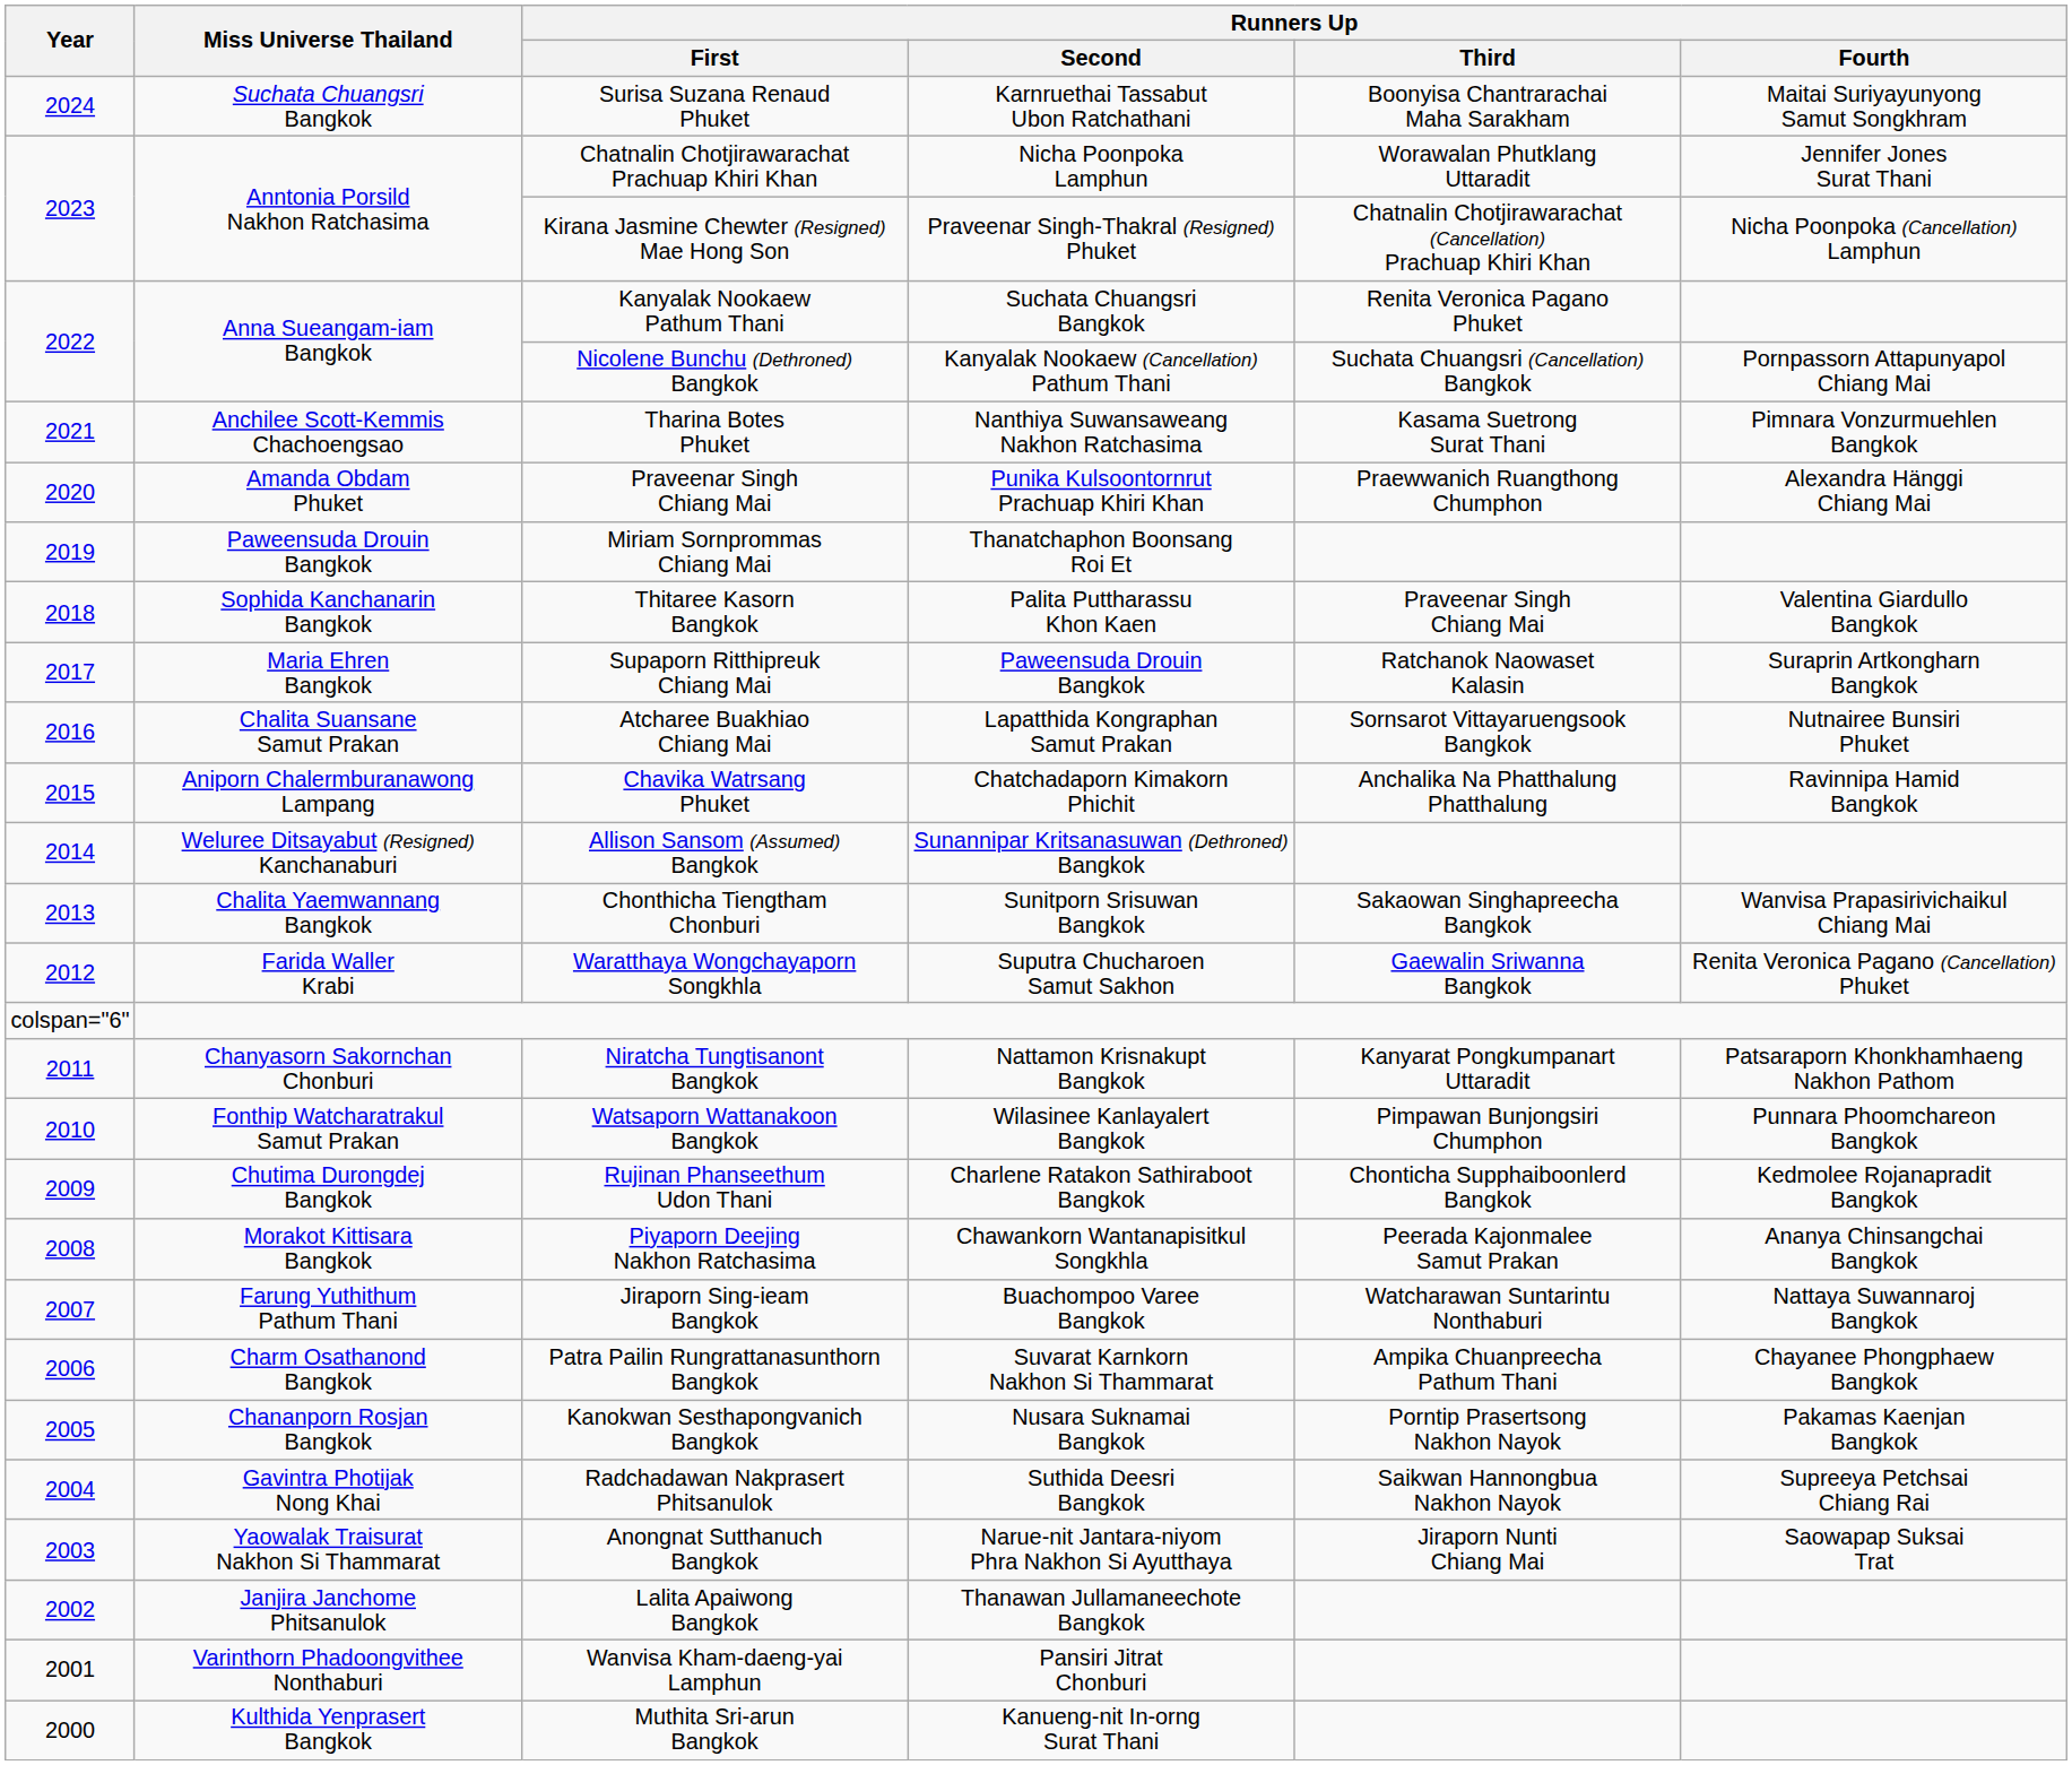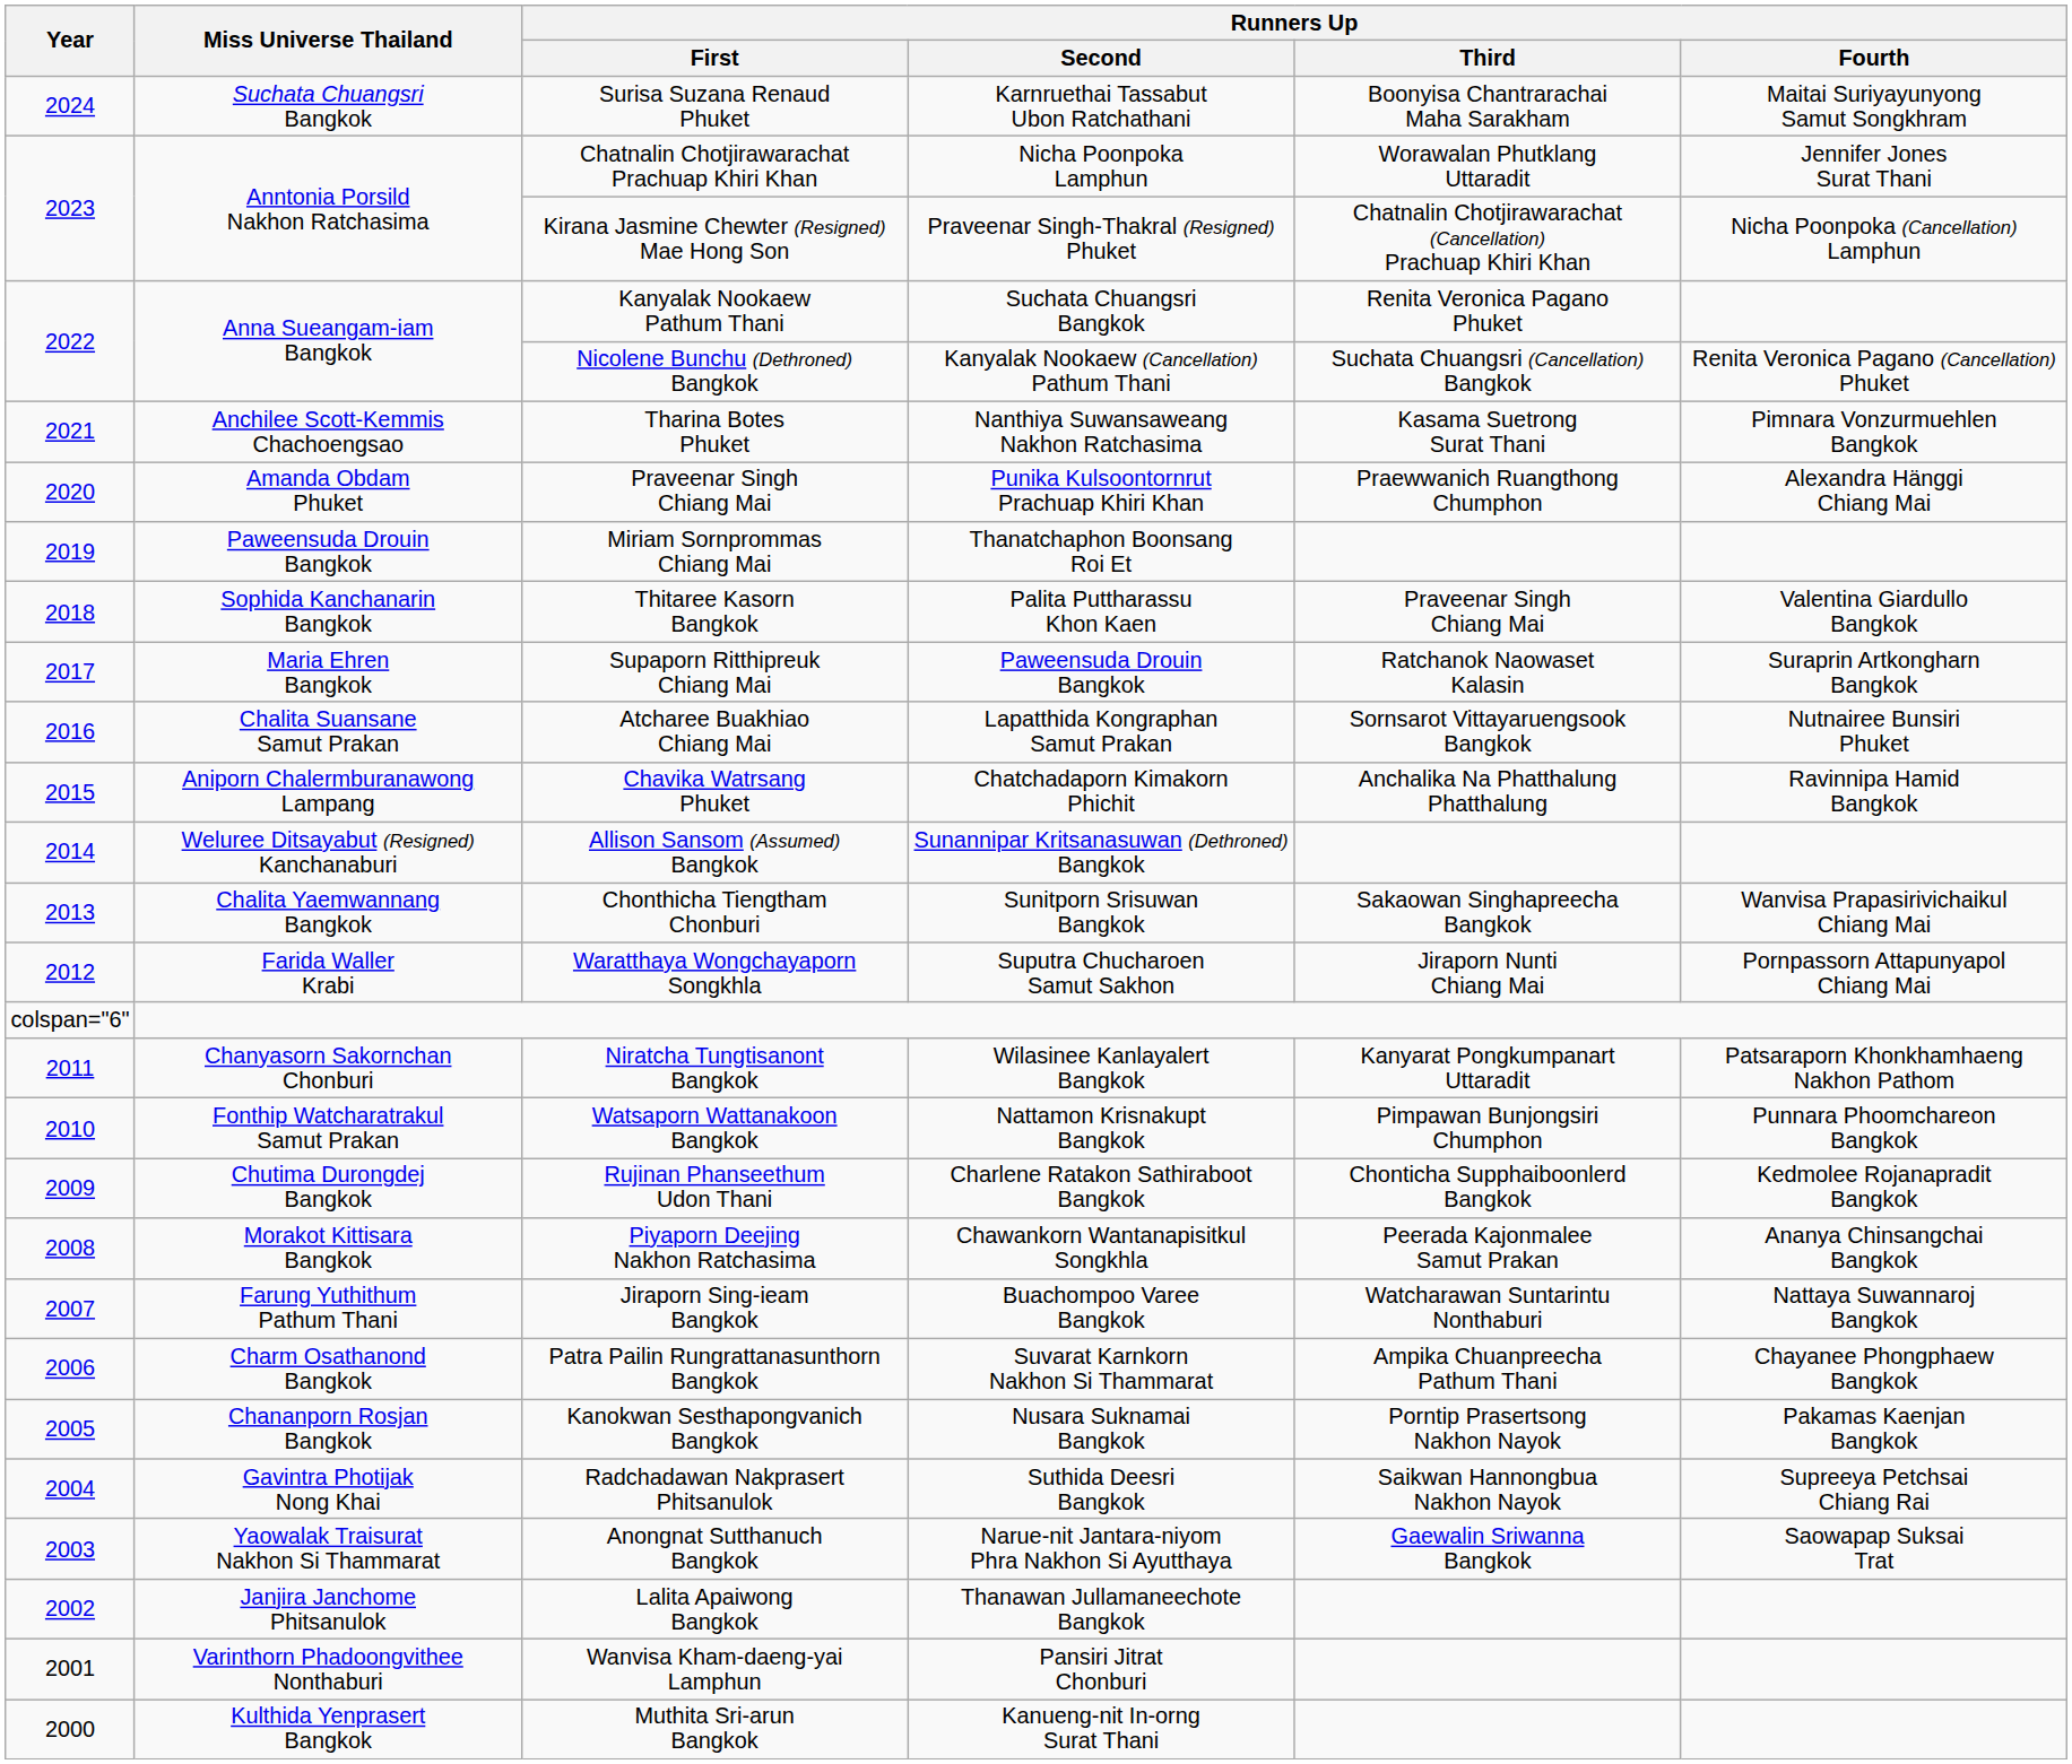 <table class="wikitable" style="font-size: 85%;">
 <tr>
 <th rowspan="2" width="1%">Year</th>
 <th rowspan="2"  width="200">Miss Universe Thailand</th>
 <th colspan="4"  width="800">Runners Up</th>
 </tr>
 <tr style="text-align:center;">
 <th width="200">First</th>
 <th width="200">Second</th>
 <th width="200">Third</th>
 <th width="200">Fourth</th>
 </tr>
 <tr style="text-align:center;">
 <td><a href='#'>2024</a></td>
 <td><em><a href='#'>Suchata Chuangsri</a></em><br>Bangkok</td>
 <td>Surisa Suzana Renaud<br>Phuket</td>
 <td>Karnruethai Tassabut<br>Ubon Ratchathani</td>
 <td>Boonyisa Chantrarachai<br>Maha Sarakham</td>
 <td>Maitai Suriyayunyong<br>Samut Songkhram</td>
 </tr>
 <tr style="text-align:center;">
 <td rowspan="2"><a href='#'>2023</a></td>
 <td rowspan="2"><a href='#'>Anntonia Porsild</a><br>Nakhon Ratchasima</td>
 <td>Chatnalin Chotjirawarachat<br>Prachuap Khiri Khan</td>
 <td>Nicha Poonpoka<br>Lamphun</td>
 <td>Worawalan Phutklang<br>Uttaradit</td>
 <td>Jennifer Jones<br>Surat Thani</td>
 </tr>
 <tr style="text-align:center;">
 <td>Kirana Jasmine Chewter <em><small>(Resigned)</small></em><br>Mae Hong Son</td>
 <td>Praveenar Singh-Thakral <em><small>(Resigned)</small></em><br>Phuket</td>
 <td>Chatnalin Chotjirawarachat <em><small>(Cancellation)</small></em><br>Prachuap Khiri Khan</td>
 <td>Nicha Poonpoka <em><small>(Cancellation)</small></em><br>Lamphun</td>
 </tr>
 <tr style="text-align:center;">
 <td rowspan="2"><a href='#'>2022</a></td>
 <td rowspan="2"><a href='#'>Anna Sueangam-iam</a><br>Bangkok</td>
 <td>Kanyalak Nookaew<br>Pathum Thani</td>
 <td>Suchata Chuangsri<br>Bangkok</td>
 <td>Renita Veronica Pagano<br>Phuket</td>
 <td></td>
 </tr>
 <tr style="text-align:center;">
 <td><a href='#'>Nicolene Bunchu</a> <em><small>(Dethroned)</small></em><br>Bangkok</td>
 <td>Kanyalak Nookaew <em><small>(Cancellation)</small></em><br>Pathum Thani</td>
 <td>Suchata Chuangsri <small><em>(Cancellation)</em></small><br>Bangkok</td>
-<td>Pornpassorn Attapunyapol<br>Chiang Mai</td>
+<td>Renita Veronica Pagano <small><em>(Cancellation)</em></small><br>Phuket</td>
 </tr>
 <tr style="text-align:center;">
 <td><a href='#'>2021</a></td>
 <td><a href='#'>Anchilee Scott-Kemmis</a><br>Chachoengsao</td>
 <td>Tharina Botes<br>Phuket</td>
 <td>Nanthiya Suwansaweang<br>Nakhon Ratchasima</td>
 <td>Kasama Suetrong<br>Surat Thani</td>
 <td>Pimnara Vonzurmuehlen<br>Bangkok</td>
 </tr>
 <tr style="text-align:center;">
 <td><a href='#'>2020</a></td>
 <td><a href='#'>Amanda Obdam</a><br>Phuket</td>
 <td>Praveenar Singh<br>Chiang Mai</td>
 <td><a href='#'>Punika Kulsoontornrut</a><br>Prachuap Khiri Khan</td>
 <td>Praewwanich Ruangthong<br>Chumphon</td>
 <td>Alexandra Hänggi<br>Chiang Mai</td>
 </tr>
 <tr style="text-align:center;">
 <td><a href='#'>2019</a></td>
 <td><a href='#'>Paweensuda Drouin</a><br>Bangkok</td>
 <td>Miriam Sornprommas<br>Chiang Mai</td>
 <td>Thanatchaphon Boonsang<br>Roi Et</td>
 <td></td>
 <td></td>
 </tr>
 <tr style="text-align:center;">
 <td><a href='#'>2018</a></td>
 <td><a href='#'>Sophida Kanchanarin</a><br>Bangkok</td>
 <td>Thitaree Kasorn<br>Bangkok</td>
 <td>Palita Puttharassu<br>Khon Kaen</td>
 <td>Praveenar Singh<br>Chiang Mai</td>
 <td>Valentina Giardullo<br>Bangkok</td>
 </tr>
 <tr style="text-align:center;">
 <td><a href='#'>2017</a></td>
 <td><a href='#'>Maria Ehren</a><br>Bangkok</td>
 <td>Supaporn Ritthipreuk<br>Chiang Mai</td>
 <td><a href='#'>Paweensuda Drouin</a><br>Bangkok</td>
 <td>Ratchanok Naowaset<br>Kalasin</td>
 <td>Suraprin Artkongharn<br>Bangkok</td>
 </tr>
 <tr style="text-align:center;">
 <td><a href='#'>2016</a></td>
 <td><a href='#'>Chalita Suansane</a><br>Samut Prakan</td>
 <td>Atcharee Buakhiao<br>Chiang Mai</td>
 <td>Lapatthida Kongraphan<br>Samut Prakan</td>
 <td>Sornsarot Vittayaruengsook<br>Bangkok</td>
 <td>Nutnairee Bunsiri<br>Phuket</td>
 </tr>
 <tr style="text-align:center;">
 <td><a href='#'>2015</a></td>
 <td><a href='#'>Aniporn Chalermburanawong</a><br>Lampang</td>
 <td><a href='#'>Chavika Watrsang</a><br>Phuket</td>
 <td>Chatchadaporn Kimakorn<br>Phichit</td>
 <td>Anchalika Na Phatthalung<br>Phatthalung</td>
 <td>Ravinnipa Hamid<br>Bangkok</td>
 </tr>
 <tr style="text-align:center;">
 <td><a href='#'>2014</a></td>
 <td><a href='#'>Weluree Ditsayabut</a> <em><small>(Resigned)</small></em><br>Kanchanaburi</td>
 <td><a href='#'>Allison Sansom</a> <em><small>(Assumed)</small></em><br>Bangkok</td>
 <td><a href='#'>Sunannipar Kritsanasuwan</a> <em><small>(Dethroned)</small></em><br>Bangkok</td>
 <td></td>
 <td></td>
 </tr>
 <tr style="text-align:center;">
 <td><a href='#'>2013</a></td>
 <td><a href='#'>Chalita Yaemwannang</a><br>Bangkok</td>
 <td>Chonthicha Tiengtham<br>Chonburi</td>
 <td>Sunitporn Srisuwan<br>Bangkok</td>
 <td>Sakaowan Singhapreecha<br>Bangkok</td>
 <td>Wanvisa Prapasirivichaikul<br>Chiang Mai</td>
 </tr>
 <tr style="text-align:center;">
 <td><a href='#'>2012</a></td>
 <td><a href='#'>Farida Waller</a><br>Krabi</td>
 <td><a href='#'>Waratthaya Wongchayaporn</a><br>Songkhla</td>
 <td>Suputra Chucharoen<br>Samut Sakhon</td>
-<td><a href='#'>Gaewalin Sriwanna</a><br>Bangkok</td>
-<td>Renita Veronica Pagano <small><em>(Cancellation)</em></small><br>Phuket</td>
+<td>Jiraporn Nunti<br>Chiang Mai</td>
+<td>Pornpassorn Attapunyapol<br>Chiang Mai</td>
 </tr>
 <tr>
 <td>colspan="6" </td>
 </tr>
 <tr style="text-align:center;">
 <td><a href='#'>2011</a></td>
 <td><a href='#'>Chanyasorn Sakornchan</a><br>Chonburi</td>
 <td><a href='#'>Niratcha Tungtisanont</a><br>Bangkok</td>
-<td>Nattamon Krisnakupt<br>Bangkok</td>
+<td>Wilasinee Kanlayalert<br>Bangkok</td>
 <td>Kanyarat Pongkumpanart<br>Uttaradit</td>
 <td>Patsaraporn Khonkhamhaeng<br>Nakhon Pathom</td>
 </tr>
 <tr style="text-align:center;">
 <td><a href='#'>2010</a></td>
 <td><a href='#'>Fonthip Watcharatrakul</a><br>Samut Prakan</td>
 <td><a href='#'>Watsaporn Wattanakoon</a><br>Bangkok</td>
-<td>Wilasinee Kanlayalert<br>Bangkok</td>
+<td>Nattamon Krisnakupt<br>Bangkok</td>
 <td>Pimpawan Bunjongsiri<br>Chumphon</td>
 <td>Punnara Phoomchareon<br>Bangkok</td>
 </tr>
 <tr style="text-align:center;">
 <td><a href='#'>2009</a></td>
 <td><a href='#'>Chutima Durongdej</a><br>Bangkok</td>
 <td><a href='#'>Rujinan Phanseethum</a><br>Udon Thani</td>
 <td>Charlene Ratakon Sathiraboot<br>Bangkok</td>
 <td>Chonticha Supphaiboonlerd<br>Bangkok</td>
 <td>Kedmolee Rojanapradit<br>Bangkok</td>
 </tr>
 <tr style="text-align:center;">
 <td><a href='#'>2008</a></td>
 <td><a href='#'>Morakot Kittisara</a><br>Bangkok</td>
 <td><a href='#'>Piyaporn Deejing</a><br>Nakhon Ratchasima</td>
 <td>Chawankorn Wantanapisitkul<br>Songkhla</td>
 <td>Peerada Kajonmalee<br>Samut Prakan</td>
 <td>Ananya Chinsangchai<br>Bangkok</td>
 </tr>
 <tr style="text-align:center;">
 <td><a href='#'>2007</a></td>
 <td><a href='#'>Farung Yuthithum</a><br>Pathum Thani</td>
 <td>Jiraporn Sing-ieam<br>Bangkok</td>
 <td>Buachompoo Varee<br>Bangkok</td>
 <td>Watcharawan Suntarintu<br>Nonthaburi</td>
 <td>Nattaya Suwannaroj<br>Bangkok</td>
 </tr>
 <tr style="text-align:center;">
 <td><a href='#'>2006</a></td>
 <td><a href='#'>Charm Osathanond</a><br>Bangkok</td>
 <td>Patra Pailin Rungrattanasunthorn<br>Bangkok</td>
 <td>Suvarat Karnkorn<br>Nakhon Si Thammarat</td>
 <td>Ampika Chuanpreecha<br>Pathum Thani</td>
 <td>Chayanee Phongphaew<br>Bangkok</td>
 </tr>
 <tr style="text-align:center;">
 <td><a href='#'>2005</a></td>
 <td><a href='#'>Chananporn Rosjan</a><br>Bangkok</td>
 <td>Kanokwan Sesthapongvanich<br>Bangkok</td>
 <td>Nusara Suknamai<br>Bangkok</td>
 <td>Porntip Prasertsong<br>Nakhon Nayok</td>
 <td>Pakamas Kaenjan<br>Bangkok</td>
 </tr>
 <tr style="text-align:center;">
 <td><a href='#'>2004</a></td>
 <td><a href='#'>Gavintra Photijak</a><br>Nong Khai</td>
 <td>Radchadawan Nakprasert<br>Phitsanulok</td>
 <td>Suthida Deesri<br>Bangkok</td>
 <td>Saikwan Hannongbua<br>Nakhon Nayok</td>
 <td>Supreeya Petchsai<br>Chiang Rai</td>
 </tr>
 <tr style="text-align:center;">
 <td><a href='#'>2003</a></td>
 <td><a href='#'>Yaowalak Traisurat</a><br>Nakhon Si Thammarat</td>
 <td>Anongnat Sutthanuch<br>Bangkok</td>
 <td>Narue-nit Jantara-niyom<br>Phra Nakhon Si Ayutthaya</td>
-<td>Jiraporn Nunti<br>Chiang Mai</td>
+<td><a href='#'>Gaewalin Sriwanna</a><br>Bangkok</td>
 <td>Saowapap Suksai<br>Trat</td>
 </tr>
 <tr style="text-align:center;">
 <td><a href='#'>2002</a></td>
 <td><a href='#'>Janjira Janchome</a><br>Phitsanulok</td>
 <td>Lalita Apaiwong<br>Bangkok</td>
 <td>Thanawan Jullamaneechote<br>Bangkok</td>
 <td></td>
 <td></td>
 </tr>
 <tr style="text-align:center;">
 <td>2001</td>
 <td><a href='#'>Varinthorn Phadoongvithee</a><br>Nonthaburi</td>
 <td>Wanvisa Kham-daeng-yai<br>Lamphun</td>
 <td>Pansiri Jitrat<br>Chonburi</td>
 <td></td>
 <td></td>
 </tr>
 <tr style="text-align:center;">
 <td>2000</td>
 <td><a href='#'>Kulthida Yenprasert</a><br>Bangkok</td>
 <td>Muthita Sri-arun<br>Bangkok</td>
 <td>Kanueng-nit In-orng<br>Surat Thani</td>
 <td></td>
 <td></td>
 </tr>
 </table>
